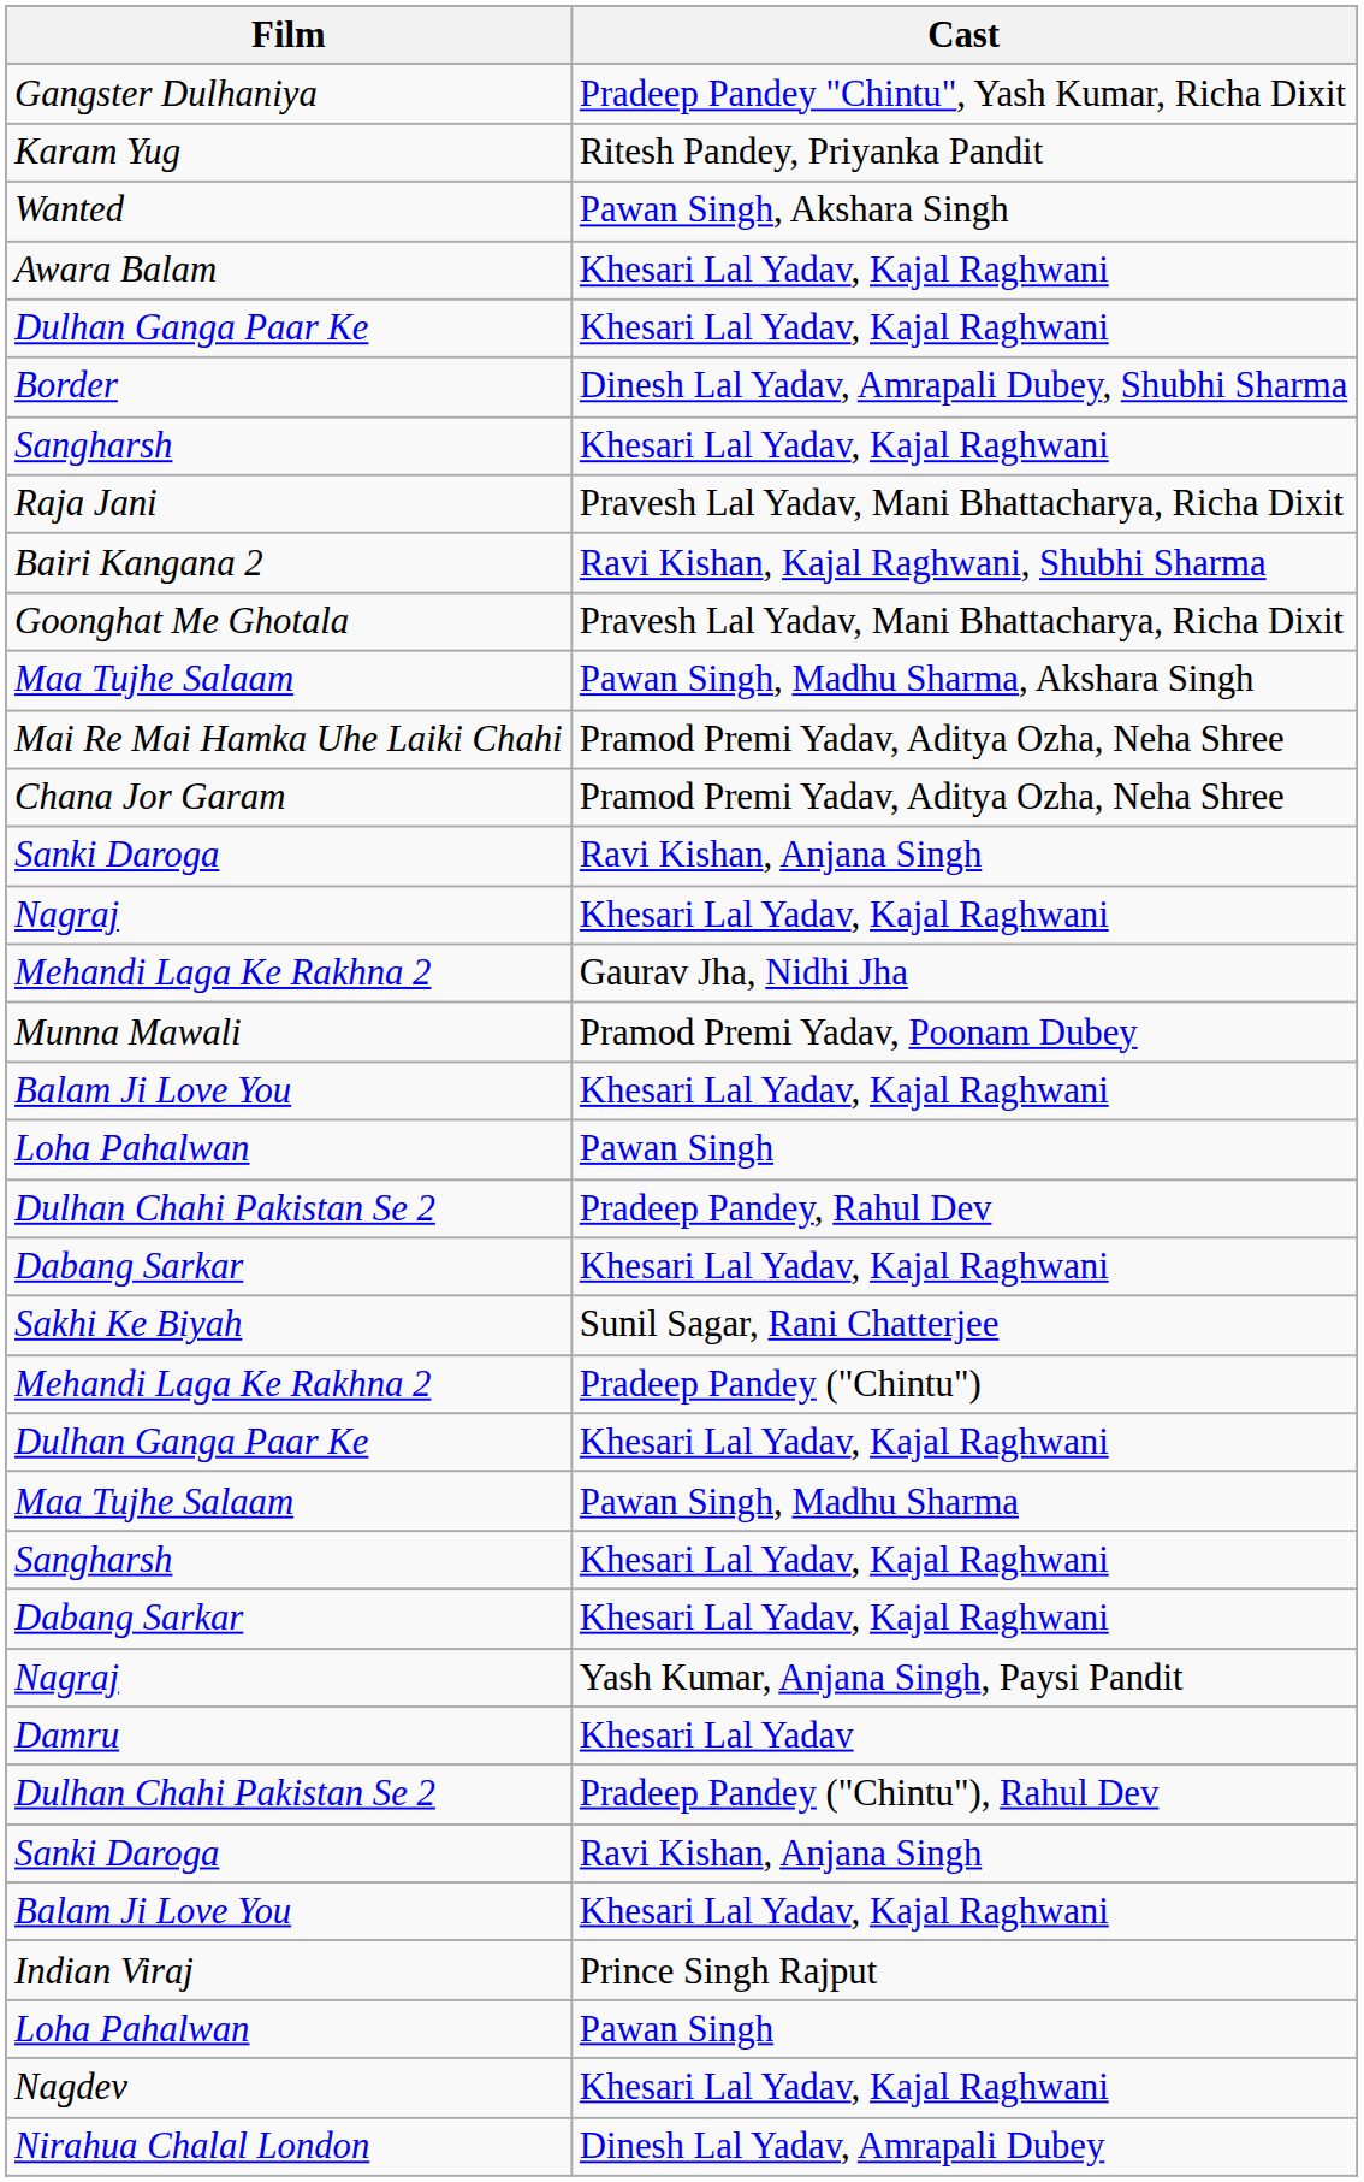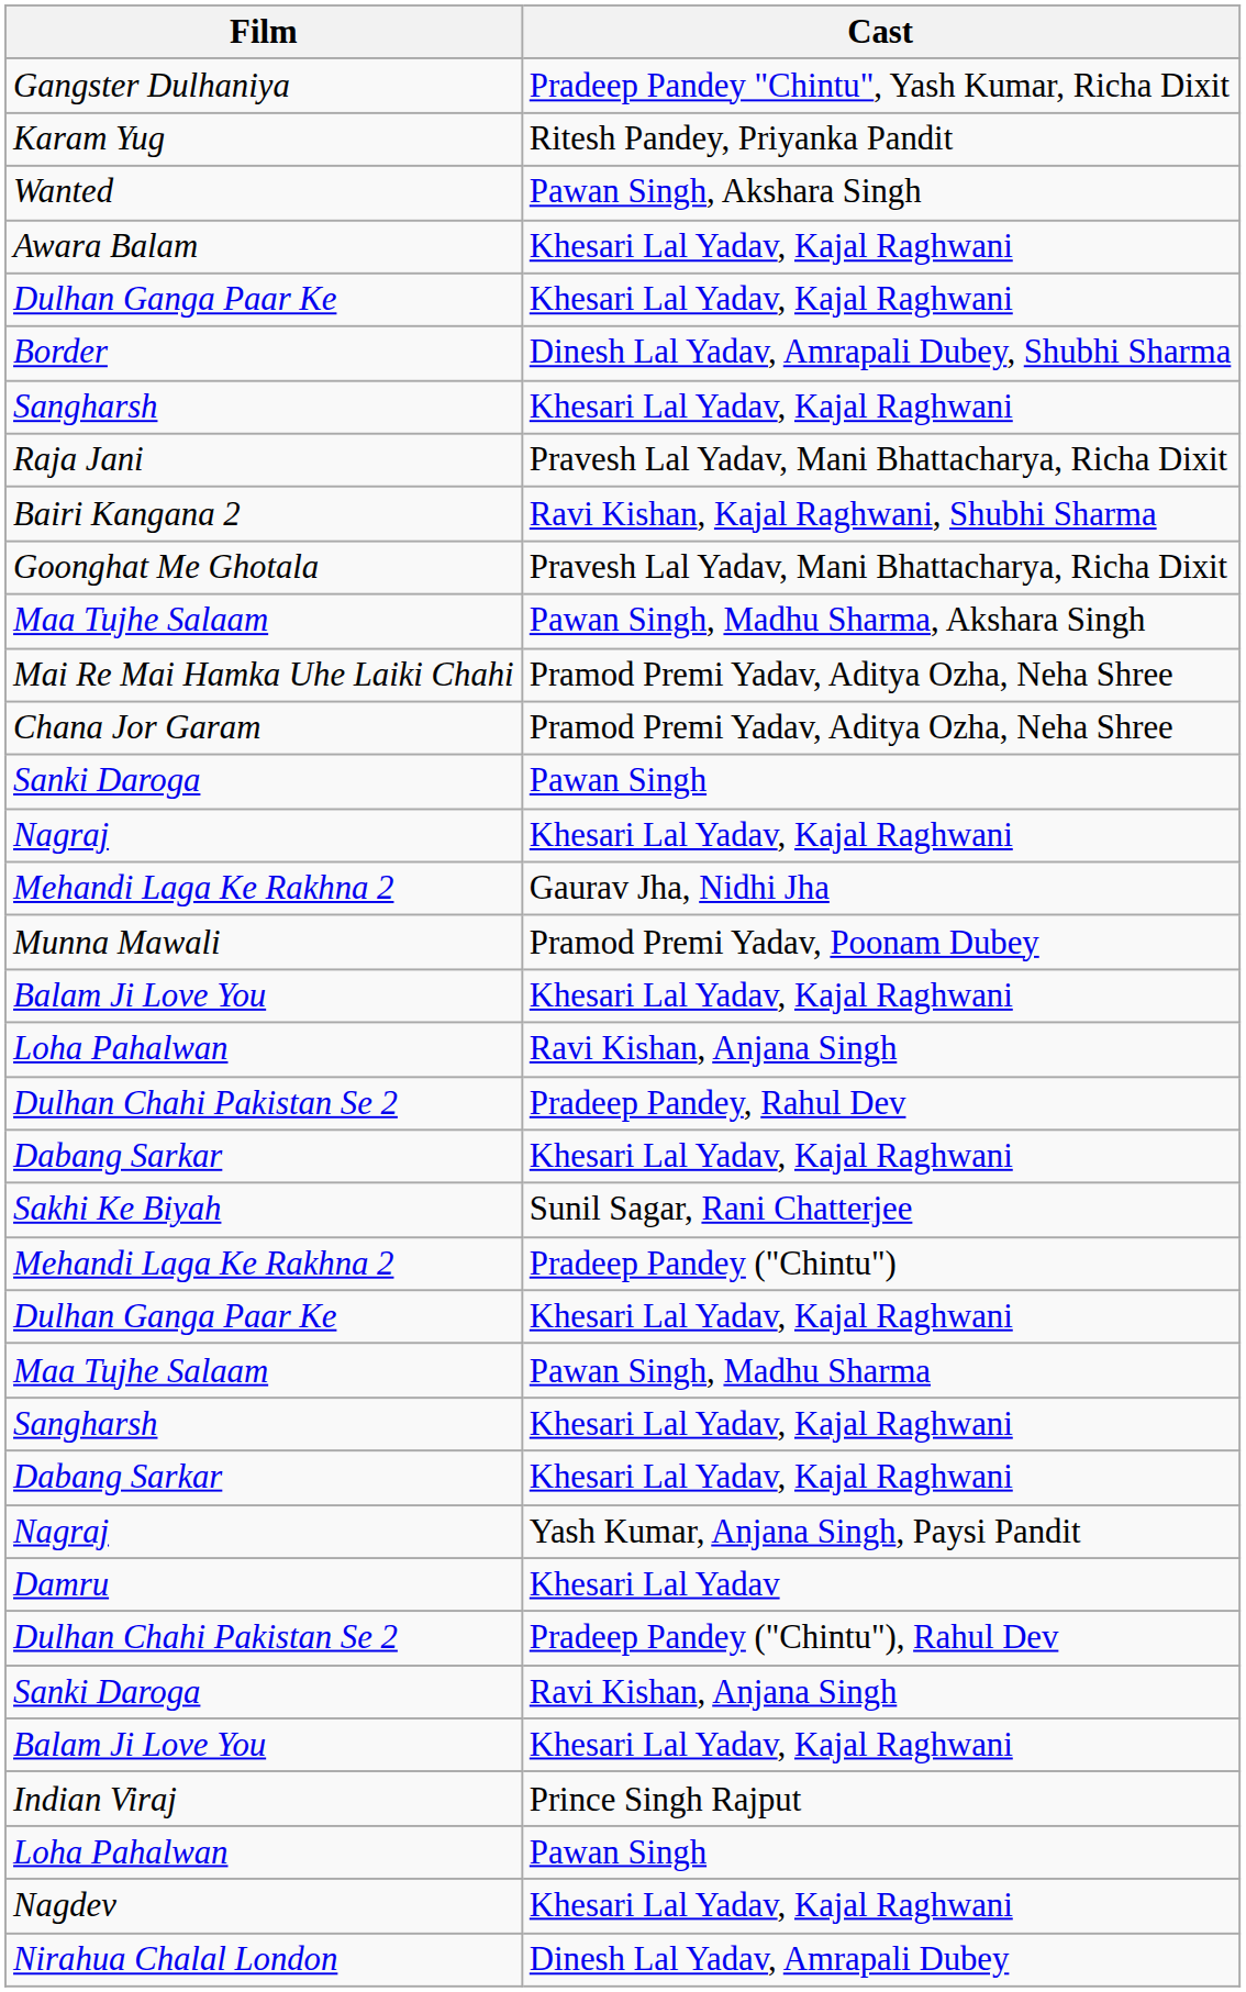 <table class="wikitable">
 <tr>
 <th>Film</th>
 <th>Cast</th>
 </tr>
 <tr>
 <td><em>Gangster Dulhaniya</em></td>
 <td><a href='#'>Pradeep Pandey "Chintu"</a>, Yash Kumar, Richa Dixit</td>
 </tr>
 <tr>
 <td><em>Karam Yug</em></td>
 <td>Ritesh Pandey, Priyanka Pandit</td>
 </tr>
 <tr>
 <td><em>Wanted</em></td>
 <td><a href='#'>Pawan Singh</a>, Akshara Singh</td>
 </tr>
 <tr>
 <td><em>Awara Balam</em></td>
 <td><a href='#'>Khesari Lal Yadav</a>, <a href='#'>Kajal Raghwani</a></td>
 </tr>
 <tr>
 <td><em><a href='#'>Dulhan Ganga Paar Ke</a></em></td>
 <td><a href='#'>Khesari Lal Yadav</a>, <a href='#'>Kajal Raghwani</a></td>
 </tr>
 <tr>
 <td><em><a href='#'>Border</a></em></td>
 <td><a href='#'>Dinesh Lal Yadav</a>, <a href='#'>Amrapali Dubey</a>, <a href='#'>Shubhi Sharma</a></td>
 </tr>
 <tr>
 <td><em><a href='#'>Sangharsh</a></em></td>
 <td><a href='#'>Khesari Lal Yadav</a>, <a href='#'>Kajal Raghwani</a></td>
 </tr>
 <tr>
 <td><em>Raja Jani</em></td>
 <td>Pravesh Lal Yadav, Mani Bhattacharya, Richa Dixit</td>
 </tr>
 <tr>
 <td><em>Bairi Kangana 2</em></td>
 <td><a href='#'>Ravi Kishan</a>, <a href='#'>Kajal Raghwani</a>, <a href='#'>Shubhi Sharma</a></td>
 </tr>
 <tr>
 <td><em>Goonghat Me Ghotala</em></td>
 <td>Pravesh Lal Yadav, Mani Bhattacharya, Richa Dixit</td>
 </tr>
 <tr>
 <td><em><a href='#'>Maa Tujhe Salaam</a></em></td>
 <td><a href='#'>Pawan Singh</a>, <a href='#'>Madhu Sharma</a>, Akshara Singh</td>
 </tr>
 <tr>
 <td><em>Mai Re Mai Hamka Uhe Laiki Chahi</em></td>
 <td>Pramod Premi Yadav, Aditya Ozha, Neha Shree</td>
 </tr>
 <tr>
 <td><em>Chana Jor Garam</em></td>
 <td>Pramod Premi Yadav, Aditya Ozha, Neha Shree</td>
 </tr>
 <tr>
 <td><em><a href='#'>Sanki Daroga</a></em></td>
-<td><a href='#'>Ravi Kishan</a>, <a href='#'>Anjana Singh</a></td>
+<td><a href='#'>Pawan Singh</a></td>
 </tr>
 <tr>
 <td><em><a href='#'>Nagraj</a></em></td>
 <td><a href='#'>Khesari Lal Yadav</a>, <a href='#'>Kajal Raghwani</a></td>
 </tr>
 <tr>
 <td><em><a href='#'>Mehandi Laga Ke Rakhna 2</a></em></td>
 <td>Gaurav Jha, <a href='#'>Nidhi Jha</a></td>
 </tr>
 <tr>
 <td><em>Munna Mawali</em></td>
 <td>Pramod Premi Yadav, <a href='#'>Poonam Dubey</a></td>
 </tr>
 <tr>
 <td><em><a href='#'>Balam Ji Love You</a></em></td>
 <td><a href='#'>Khesari Lal Yadav</a>, <a href='#'>Kajal Raghwani</a></td>
 </tr>
 <tr>
 <td><em><a href='#'>Loha Pahalwan</a></em></td>
-<td><a href='#'>Pawan Singh</a></td>
+<td><a href='#'>Ravi Kishan</a>, <a href='#'>Anjana Singh</a></td>
 </tr>
 <tr>
 <td><em><a href='#'>Dulhan Chahi Pakistan Se 2</a></em></td>
 <td><a href='#'>Pradeep Pandey</a>, <a href='#'>Rahul Dev</a></td>
 </tr>
 <tr>
 <td><em><a href='#'>Dabang Sarkar</a></em></td>
 <td><a href='#'>Khesari Lal Yadav</a>, <a href='#'>Kajal Raghwani</a></td>
 </tr>
 <tr>
 <td><em><a href='#'>Sakhi Ke Biyah</a></em></td>
 <td>Sunil Sagar, <a href='#'>Rani Chatterjee</a></td>
 </tr>
 <tr>
 <td><em><a href='#'>Mehandi Laga Ke Rakhna 2</a></em></td>
 <td><a href='#'>Pradeep Pandey</a> ("Chintu")</td>
 </tr>
 <tr>
 <td><em><a href='#'>Dulhan Ganga Paar Ke</a></em></td>
 <td><a href='#'>Khesari Lal Yadav</a>, <a href='#'>Kajal Raghwani</a></td>
 </tr>
 <tr>
 <td><em><a href='#'>Maa Tujhe Salaam</a></em></td>
 <td><a href='#'>Pawan Singh</a>, <a href='#'>Madhu Sharma</a></td>
 </tr>
 <tr>
 <td><em><a href='#'>Sangharsh</a></em></td>
 <td><a href='#'>Khesari Lal Yadav</a>, <a href='#'>Kajal Raghwani</a></td>
 </tr>
 <tr>
 <td><em><a href='#'>Dabang Sarkar</a></em></td>
 <td><a href='#'>Khesari Lal Yadav</a>, <a href='#'>Kajal Raghwani</a></td>
 </tr>
 <tr>
 <td><em><a href='#'>Nagraj</a></em></td>
 <td>Yash Kumar, <a href='#'>Anjana Singh</a>, Paysi Pandit</td>
 </tr>
 <tr>
 <td><em><a href='#'>Damru</a></em></td>
 <td><a href='#'>Khesari Lal Yadav</a></td>
 </tr>
 <tr>
 <td><em><a href='#'>Dulhan Chahi Pakistan Se 2</a></em></td>
 <td><a href='#'>Pradeep Pandey</a> ("Chintu"), <a href='#'>Rahul Dev</a></td>
 </tr>
 <tr>
 <td><em><a href='#'>Sanki Daroga</a></em></td>
 <td><a href='#'>Ravi Kishan</a>, <a href='#'>Anjana Singh</a></td>
 </tr>
 <tr>
 <td><em><a href='#'>Balam Ji Love You</a></em></td>
 <td><a href='#'>Khesari Lal Yadav</a>, <a href='#'>Kajal Raghwani</a></td>
 </tr>
 <tr>
 <td><em>Indian Viraj</em></td>
 <td>Prince Singh Rajput</td>
 </tr>
 <tr>
 <td><em><a href='#'>Loha Pahalwan</a></em></td>
 <td><a href='#'>Pawan Singh</a></td>
 </tr>
 <tr>
 <td><em>Nagdev</em></td>
 <td><a href='#'>Khesari Lal Yadav</a>, <a href='#'>Kajal Raghwani</a></td>
 </tr>
 <tr>
 <td><em><a href='#'>Nirahua Chalal London</a></em></td>
 <td><a href='#'>Dinesh Lal Yadav</a>, <a href='#'>Amrapali Dubey</a></td>
 </tr>
 </table>
